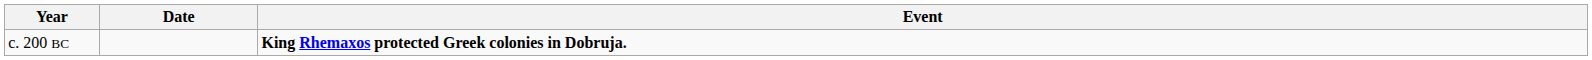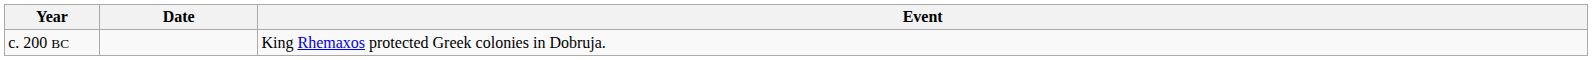 <table class="wikitable" width="100%">
 <tr>
 <th style="width:6%">Year</th>
 <th style="width:10%">Date</th>
 <th>Event</th>
 </tr>
 <tr>
 <td rowspan="4" valign="top">c. 200 <small>BC</small></td>
 <td></td>
-<td><strong>King <a href='#'>Rhemaxos</a> protected Greek colonies in Dobruja.</strong></td>
+<td>King <a href='#'>Rhemaxos</a> protected Greek colonies in Dobruja.</td>
 </tr>
 </table>
